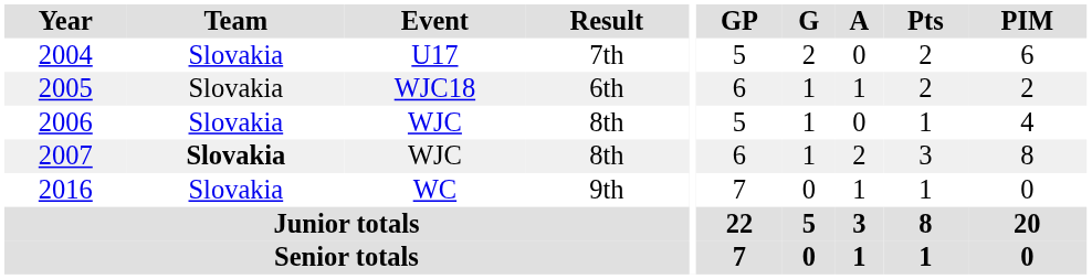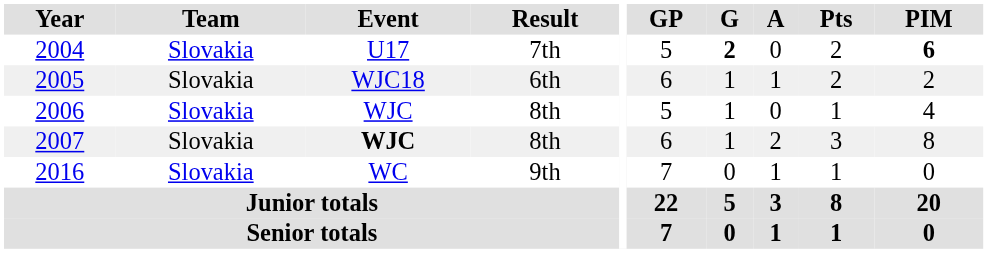 <table border="0" cellpadding="1" cellspacing="0" ID="Table3" style="text-align:center; width:40em">
 <tr ALIGN="center" bgcolor="#e0e0e0">
 <th>Year</th>
 <th>Team</th>
 <th>Event</th>
 <th>Result</th>
 <th rowspan="99" bgcolor="#ffffff"></th>
 <th>GP</th>
 <th>G</th>
 <th>A</th>
 <th>Pts</th>
 <th>PIM</th>
 </tr>
 <tr>
 <td><a href='#'>2004</a></td>
 <td><a href='#'>Slovakia</a></td>
 <td><a href='#'>U17</a></td>
 <td>7th</td>
 <td>5</td>
-<td>2</td>
+<td><strong>2</strong></td>
 <td>0</td>
 <td>2</td>
-<td>6</td>
+<td><strong>6</strong></td>
 </tr>
 <tr bgcolor="#f0f0f0">
 <td><a href='#'>2005</a></td>
 <td>Slovakia</td>
 <td><a href='#'>WJC18</a></td>
 <td>6th</td>
 <td>6</td>
 <td>1</td>
 <td>1</td>
 <td>2</td>
 <td>2</td>
 </tr>
 <tr>
 <td><a href='#'>2006</a></td>
 <td><a href='#'>Slovakia</a></td>
 <td><a href='#'>WJC</a></td>
 <td>8th</td>
 <td>5</td>
 <td>1</td>
 <td>0</td>
 <td>1</td>
 <td>4</td>
 </tr>
 <tr bgcolor="#f0f0f0">
 <td><a href='#'>2007</a></td>
-<td><strong>Slovakia</strong></td>
-<td>WJC</td>
+<td>Slovakia</td>
+<td><strong>WJC</strong></td>
 <td>8th</td>
 <td>6</td>
 <td>1</td>
 <td>2</td>
 <td>3</td>
 <td>8</td>
 </tr>
 <tr>
 <td><a href='#'>2016</a></td>
 <td><a href='#'>Slovakia</a></td>
 <td><a href='#'>WC</a></td>
 <td>9th</td>
 <td>7</td>
 <td>0</td>
 <td>1</td>
 <td>1</td>
 <td>0</td>
 </tr>
 <tr bgcolor="#e0e0e0">
 <th colspan="4">Junior totals</th>
 <th>22</th>
 <th>5</th>
 <th>3</th>
 <th>8</th>
 <th>20</th>
 </tr>
 <tr bgcolor="#e0e0e0">
 <th colspan=4>Senior totals</th>
 <th>7</th>
 <th>0</th>
 <th>1</th>
 <th>1</th>
 <th>0</th>
 </tr>
 </table>
